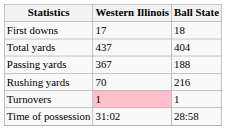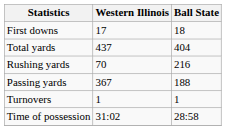 <table class="wikitable">
 <tr>
 <th>Statistics</th>
 <th>Western Illinois</th>
 <th>Ball State</th>
 </tr>
 <tr>
 <td>First downs</td>
 <td>17</td>
 <td>18</td>
 </tr>
 <tr>
 <td>Total yards</td>
 <td>437</td>
 <td>404</td>
 </tr>
 <tr>
+<td>Rushing yards</td>
+<td>70</td>
+<td>216</td>
+</tr>
+<tr>
 <td>Passing yards</td>
 <td>367</td>
 <td>188</td>
 </tr>
 <tr>
-<td>Rushing yards</td>
-<td>70</td>
-<td>216</td>
-</tr>
-<tr>
 <td>Turnovers</td>
-<td style="background: pink;">1</td>
+<td>1</td>
 <td>1</td>
 </tr>
 <tr>
 <td>Time of possession</td>
 <td>31:02</td>
 <td>28:58</td>
 </tr>
 <tr>
 </tr>
 </table>
